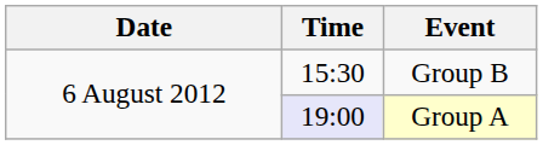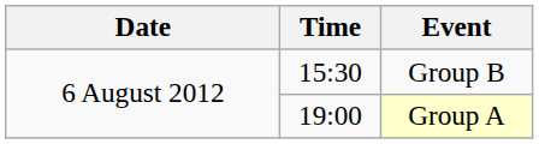 <table class = "wikitable" style="text-align:center;">
 <tr>
 <th width=150>Date</th>
 <th width=50>Time</th>
 <th width=80>Event</th>
 </tr>
 <tr>
 <td rowspan=2>6 August 2012</td>
 <td>15:30</td>
 <td>Group B</td>
 </tr>
 <tr>
-<td style="background: lavender;">19:00</td>
+<td>19:00</td>
 <td bgcolor=ffffcc>Group A</td>
 </tr>
 </table>
